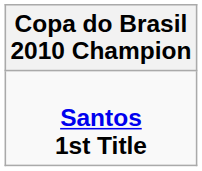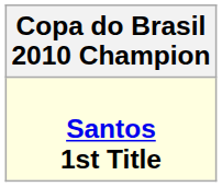 <table class="wikitable" style="text-align: center; margin: 0 auto;">
 <tr>
 <th>Copa do Brasil<br>2010 Champion</th>
 </tr>
 <tr>
-<td><br><strong><a href='#'>Santos</a></strong><br><strong>1st Title</strong></td>
+<td style="background: lightyellow;"><br><strong><a href='#'>Santos</a></strong><br><strong>1st Title</strong></td>
 </tr>
 </table>
